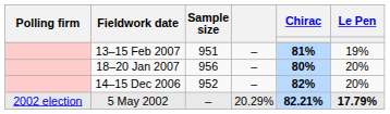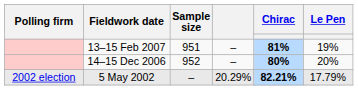 <table class="wikitable sortable" style="text-align:center;font-size:90%;line-height:14px;">
 <tr style="height:40px;">
 <th style="width:100px;" rowspan="2">Polling firm</th>
 <th style="width:110px;" rowspan="2">Fieldwork date</th>
 <th style="width:35px;" rowspan="2">Sample<br>size</th>
 <th style="width:30px;" rowspan="2"></th>
 <th class="unsortable" style="width:60px;"><a href='#'>Chirac</a><br></th>
 <th class="unsortable" style="width:60px;"><a href='#'>Le Pen</a><br></th>
 </tr>
 <tr>
 <th style="background:"></th>
 <th style="background:"></th>
 </tr>
 <tr>
 <td style="background:#FFCCCC;"></td>
 <td data-sort-value="2007-02-15">13–15 Feb 2007</td>
 <td>951</td>
 <td>–</td>
 <td style="background:#B9DAFF;"><strong>81%</strong></td>
 <td>19%</td>
 </tr>
 <tr>
 <td style="background:#FFCCCC;"></td>
-<td data-sort-value="2007-01-20">18–20 Jan 2007</td>
-<td>956</td>
-<td>–</td>
-<td style="background:#B9DAFF;"><strong>80%</strong></td>
-<td>20%</td>
-</tr>
-<tr>
-<td style="background:#FFCCCC;"></td>
 <td data-sort-value="2006-12-15">14–15 Dec 2006</td>
 <td>952</td>
 <td>–</td>
-<td style="background:#B9DAFF;"><strong>82%</strong></td>
+<td style="background:#B9DAFF;"><strong>80%</strong></td>
 <td>20%</td>
 </tr>
 <tr style="background:#E9E9E9;">
 <td><a href='#'>2002 election</a></td>
 <td data-sort-value="2002-05-05">5 May 2002</td>
 <td>–</td>
 <td>20.29%</td>
 <td style="background:#B9DAFF;"><strong>82.21%</strong></td>
-<td><strong>17.79%</strong></td>
+<td>17.79%</td>
 </tr>
 </table>
